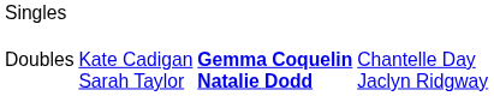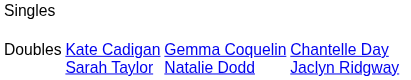 <table>
 <tr>
 <td>Singles</td>
 <td></td>
 <td></td>
 <td></td>
 </tr>
 <tr>
 <td>Doubles</td>
 <td><br><a href='#'>Kate Cadigan</a><br><a href='#'>Sarah Taylor</a></td>
-<td><strong><br><a href='#'>Gemma Coquelin</a><br><a href='#'>Natalie Dodd</a></strong></td>
+<td><br><a href='#'>Gemma Coquelin</a><br><a href='#'>Natalie Dodd</a></td>
 <td><br><a href='#'>Chantelle Day</a><br><a href='#'>Jaclyn Ridgway</a></td>
 </tr>
 </table>
